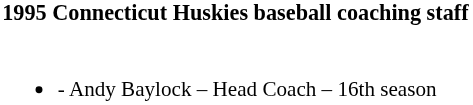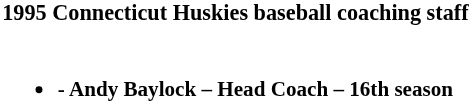 <table class="toccolours">
 <tr>
 <th colspan=9>1995 Connecticut Huskies baseball coaching staff</th>
 </tr>
 <tr>
-<td style="text-align: left; font-size: 95%;" valign="top"><br><ul><li>- Andy Baylock – Head Coach – 16th season</li></ul></td>
+<td style="text-align: left; font-size: 95%;" valign="top"><strong><br><ul><li>- Andy Baylock – Head Coach – 16th season</li></ul></strong></td>
 </tr>
 </table>
